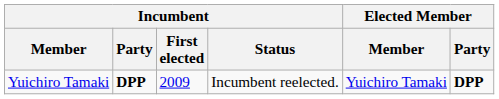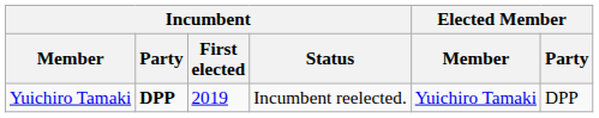 <table class="wikitable sortable">
 <tr>
 <th colspan=4>Incumbent</th>
 <th colspan=2>Elected Member</th>
 </tr>
 <tr>
 <th>Member</th>
 <th>Party</th>
 <th>First<br>elected</th>
 <th>Status</th>
 <th>Member</th>
 <th>Party</th>
 </tr>
 <tr>
 <td><a href='#'>Yuichiro Tamaki</a></td>
 <td><strong>DPP</strong></td>
-<td><a href='#'>2009</a></td>
+<td><a href='#'>2019</a></td>
 <td>Incumbent reelected.</td>
 <td><a href='#'>Yuichiro Tamaki</a></td>
-<td><strong>DPP</strong></td>
+<td>DPP</td>
 </tr>
 </table>
